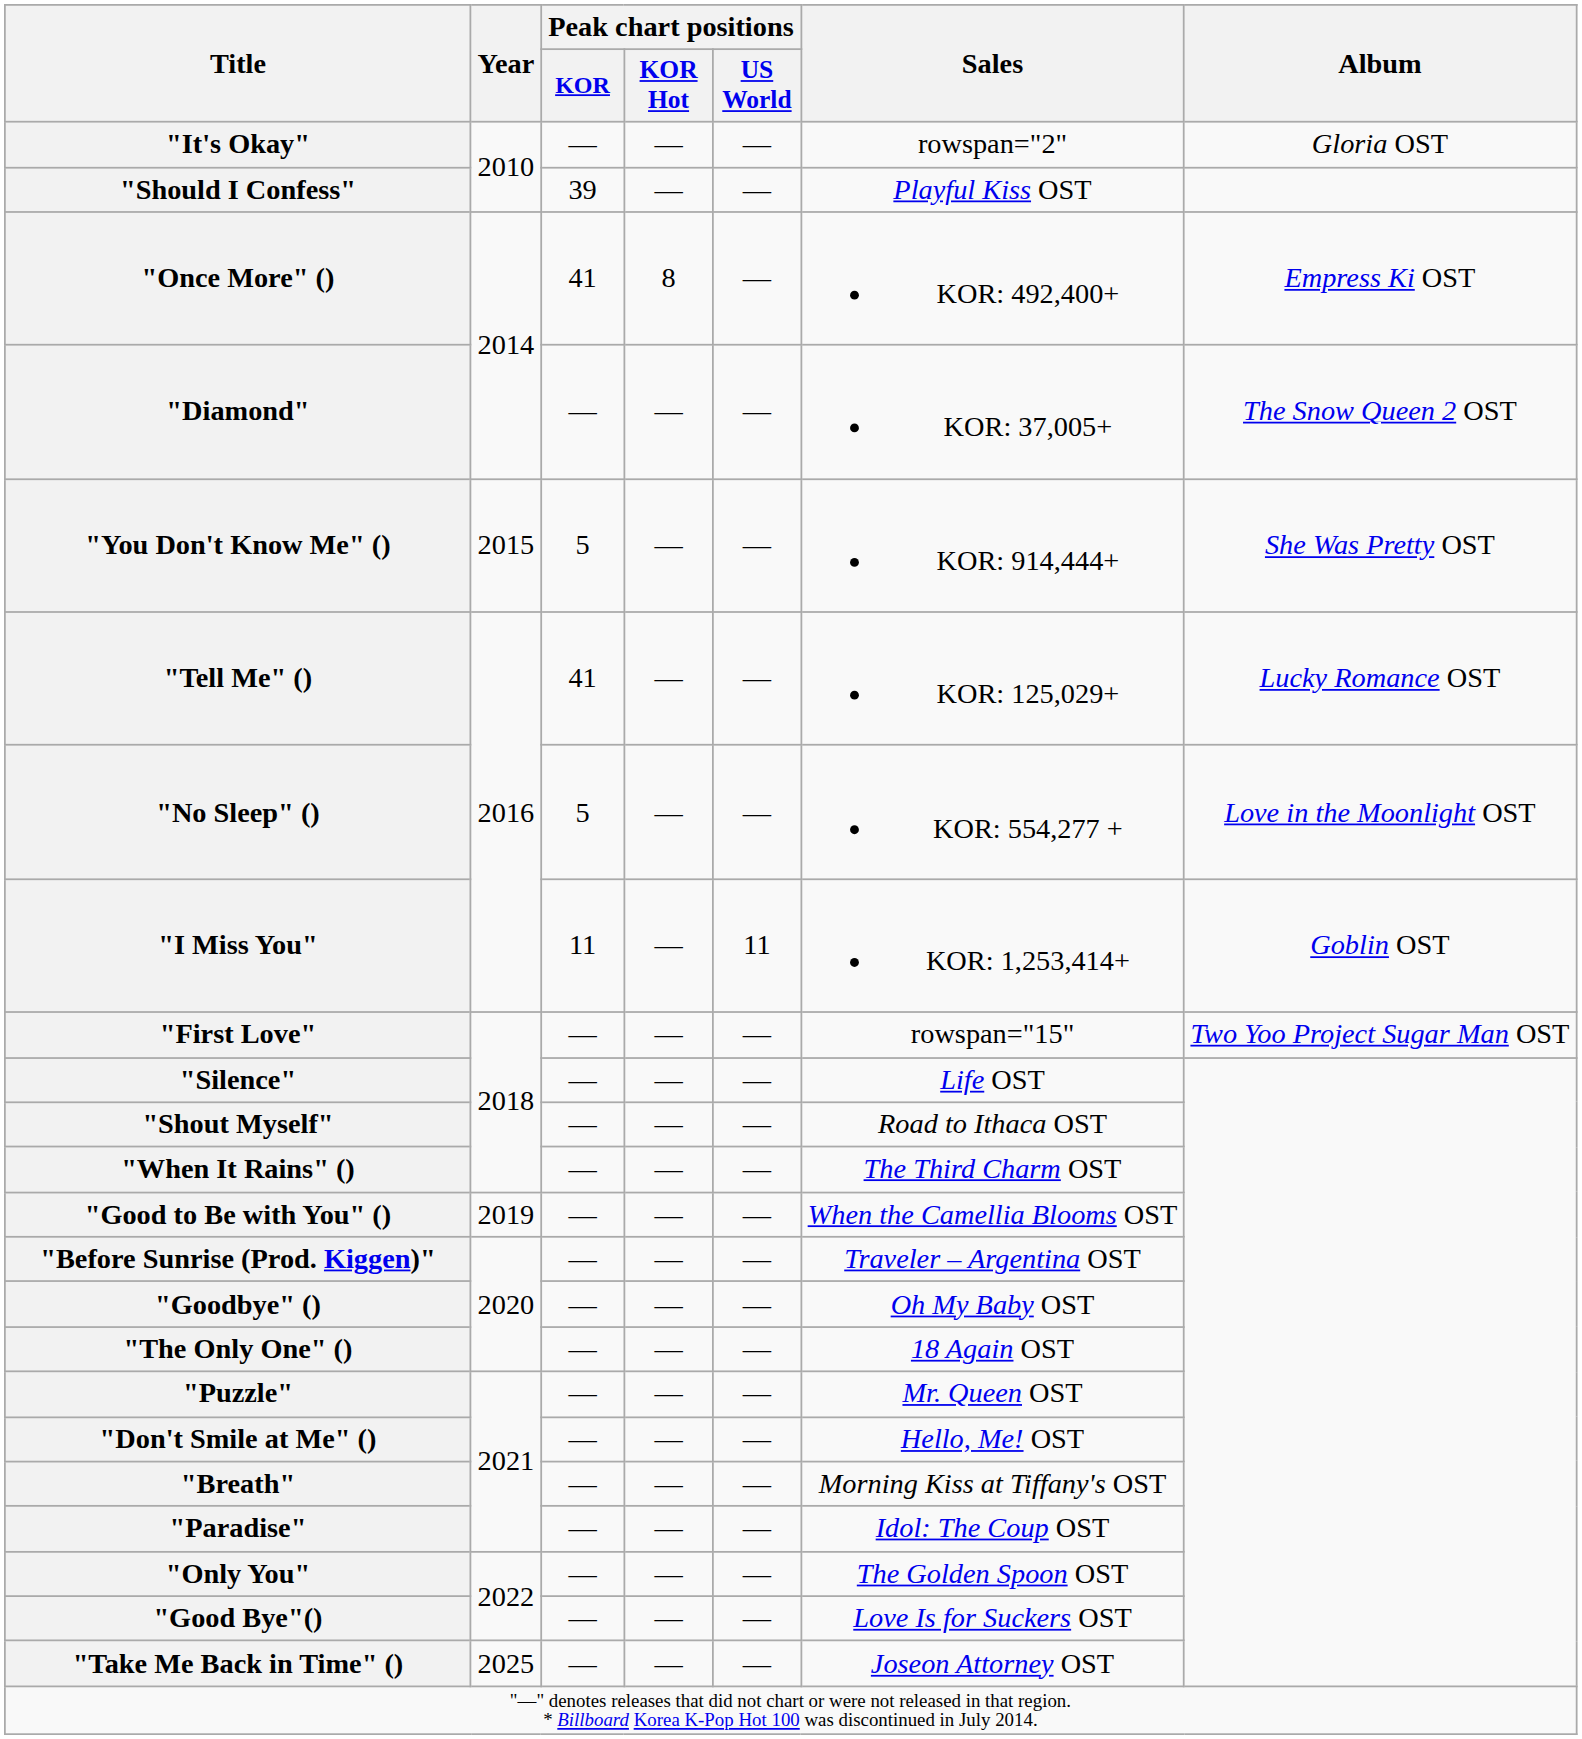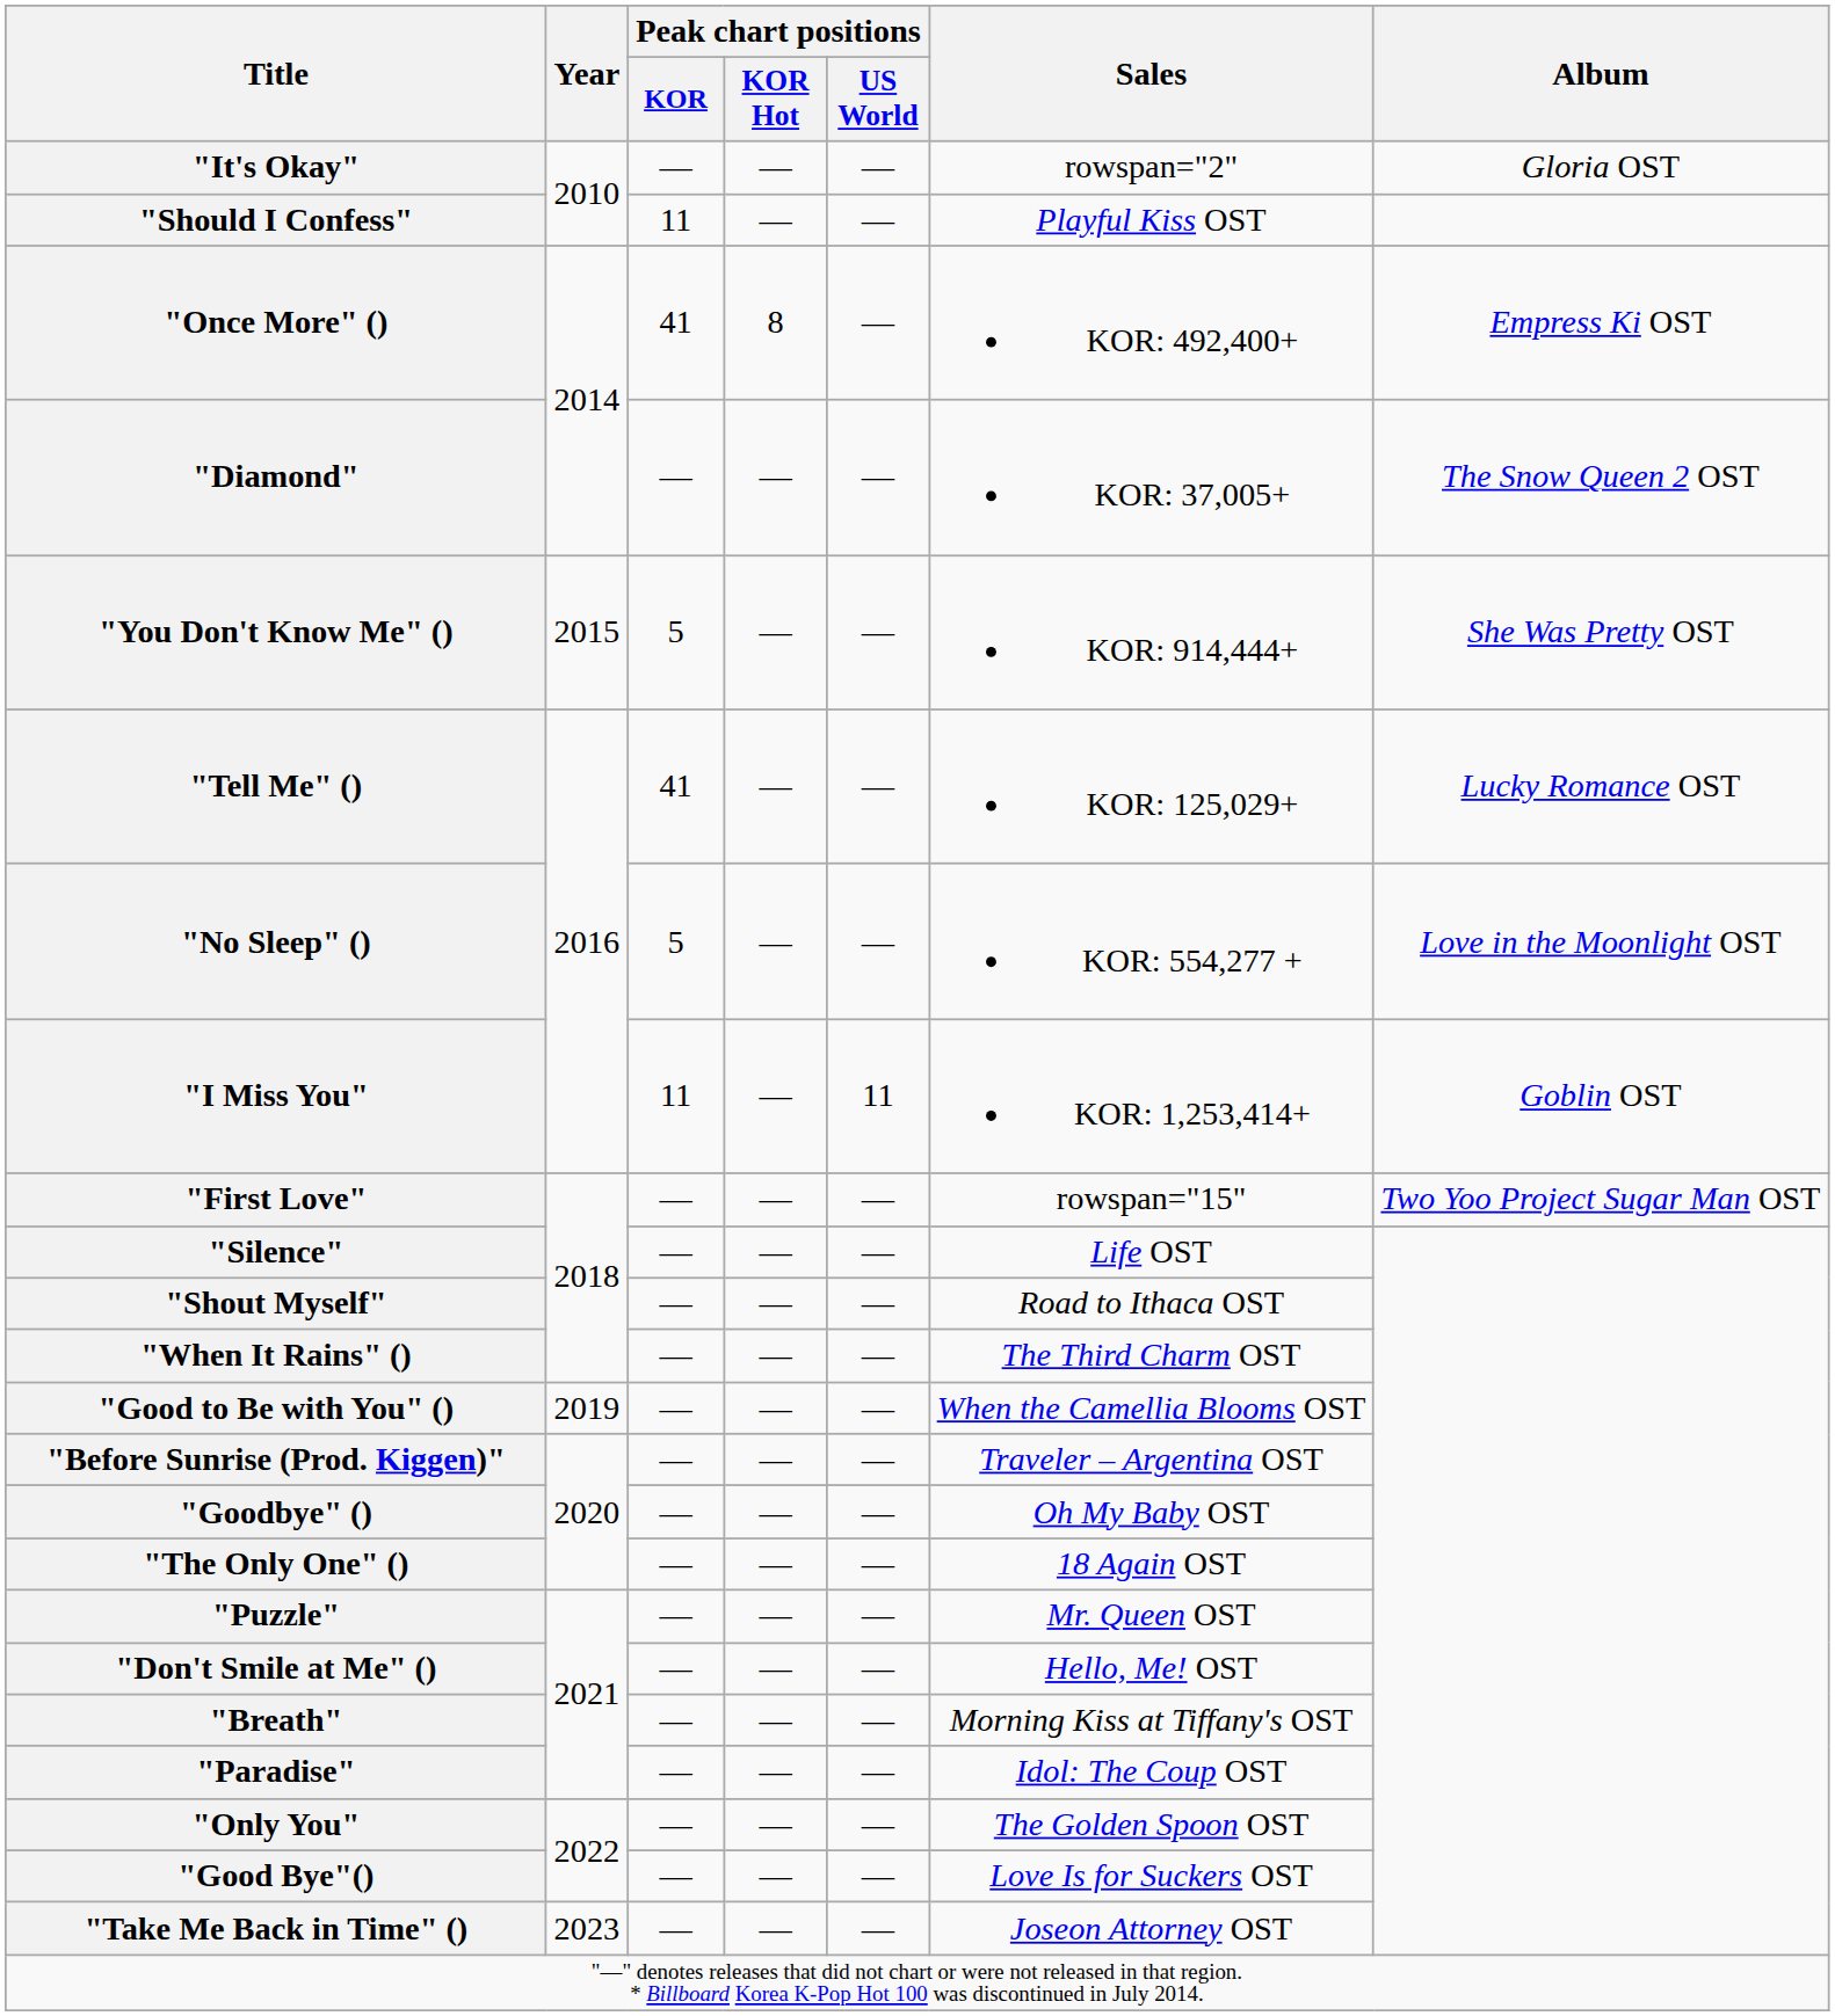 <table class="wikitable plainrowheaders" style="text-align:center">
 <tr>
 <th rowspan="2" style="width:16em">Title</th>
 <th rowspan="2">Year</th>
 <th colspan="3">Peak chart positions</th>
 <th rowspan="2">Sales</th>
 <th rowspan="2">Album</th>
 </tr>
 <tr>
 <th scope="col" style="width:3em;font-size:85%"><a href='#'>KOR</a><br></th>
 <th style="width:3em;font-size:90%"><a href='#'>KOR<br>Hot</a><br></th>
 <th style="width:3em;font-size:90%"><a href='#'>US<br>World</a><br></th>
 </tr>
 <tr>
 <th scope="row">"It's Okay"<br></th>
 <td rowspan="2">2010</td>
 <td>—</td>
 <td>—</td>
 <td>—</td>
 <td>rowspan="2" </td>
 <td><em>Gloria</em> OST</td>
 </tr>
 <tr>
 <th scope="row">"Should I Confess"</th>
-<td>39</td>
+<td>11</td>
 <td>—</td>
 <td>—</td>
 <td><em><a href='#'>Playful Kiss</a></em> OST</td>
 </tr>
 <tr>
 <th scope="row">"Once More" ()</th>
 <td rowspan="2">2014</td>
 <td>41</td>
 <td>8</td>
 <td>—</td>
 <td><br><ul><li>KOR: 492,400+</li></ul></td>
 <td><em><a href='#'>Empress Ki</a></em> OST</td>
 </tr>
 <tr>
 <th scope="row">"Diamond"</th>
 <td>—</td>
 <td>—</td>
 <td>—</td>
 <td><br><ul><li>KOR: 37,005+</li></ul></td>
 <td><em><a href='#'>The Snow Queen 2</a></em> OST</td>
 </tr>
 <tr>
 <th scope="row">"You Don't Know Me" ()<br></th>
 <td>2015</td>
 <td>5</td>
 <td>—</td>
 <td>—</td>
 <td><br><ul><li>KOR: 914,444+</li></ul></td>
 <td><em><a href='#'>She Was Pretty</a></em> OST</td>
 </tr>
 <tr>
 <th scope="row">"Tell Me" ()</th>
 <td rowspan="3">2016</td>
 <td>41</td>
 <td>—</td>
 <td>—</td>
 <td><br><ul><li>KOR: 125,029+</li></ul></td>
 <td><em><a href='#'>Lucky Romance</a></em> OST</td>
 </tr>
 <tr>
 <th scope="row">"No Sleep" ()<br></th>
 <td>5</td>
 <td>—</td>
 <td>—</td>
 <td><br><ul><li>KOR: 554,277 +</li></ul></td>
 <td><em><a href='#'>Love in the Moonlight</a></em> OST</td>
 </tr>
 <tr>
 <th scope="row">"I Miss You"</th>
 <td>11</td>
 <td>—</td>
 <td>11</td>
 <td><br><ul><li>KOR: 1,253,414+</li></ul></td>
 <td><em><a href='#'>Goblin</a></em> OST</td>
 </tr>
 <tr>
 <th scope="row">"First Love"<br></th>
 <td rowspan="4">2018</td>
 <td>—</td>
 <td>—</td>
 <td>—</td>
 <td>rowspan="15" </td>
 <td><em><a href='#'>Two Yoo Project Sugar Man</a></em> OST</td>
 </tr>
 <tr>
 <th scope="row">"Silence"</th>
 <td>—</td>
 <td>—</td>
 <td>—</td>
 <td><em><a href='#'>Life</a></em> OST </td>
 </tr>
 <tr>
 <th scope="row">"Shout Myself"<br></th>
 <td>—</td>
 <td>—</td>
 <td>—</td>
 <td><em>Road to Ithaca</em> OST</td>
 </tr>
 <tr>
 <th scope="row">"When It Rains" ()<br></th>
 <td>—</td>
 <td>—</td>
 <td>—</td>
 <td><em><a href='#'>The Third Charm</a></em> OST</td>
 </tr>
 <tr>
 <th scope="row">"Good to Be with You" ()</th>
 <td>2019</td>
 <td>—</td>
 <td>—</td>
 <td>—</td>
 <td><em><a href='#'>When the Camellia Blooms</a></em> OST</td>
 </tr>
 <tr>
 <th scope="row">"Before Sunrise (Prod. <a href='#'>Kiggen</a>)"</th>
 <td rowspan="3">2020</td>
 <td>—</td>
 <td>—</td>
 <td>—</td>
 <td><em><a href='#'>Traveler – Argentina</a></em> OST</td>
 </tr>
 <tr>
 <th scope="row">"Goodbye" ()</th>
 <td>—</td>
 <td>—</td>
 <td>—</td>
 <td><em><a href='#'>Oh My Baby</a></em> OST</td>
 </tr>
 <tr>
 <th scope="row">"The Only One" ()</th>
 <td>—</td>
 <td>—</td>
 <td>—</td>
 <td><em><a href='#'>18 Again</a></em> OST</td>
 </tr>
 <tr>
 <th scope="row">"Puzzle"<br></th>
 <td rowspan="4">2021</td>
 <td>—</td>
 <td>—</td>
 <td>—</td>
 <td><em><a href='#'>Mr. Queen</a></em> OST</td>
 </tr>
 <tr>
 <th scope="row">"Don't Smile at Me" ()</th>
 <td>—</td>
 <td>—</td>
 <td>—</td>
 <td><em><a href='#'>Hello, Me!</a></em> OST</td>
 </tr>
 <tr>
 <th scope="row">"Breath"</th>
 <td>—</td>
 <td>—</td>
 <td>—</td>
 <td><em>Morning Kiss at Tiffany's</em> OST</td>
 </tr>
 <tr>
 <th scope="row">"Paradise"</th>
 <td>—</td>
 <td>—</td>
 <td>—</td>
 <td><em><a href='#'>Idol: The Coup</a></em> OST</td>
 </tr>
 <tr>
 <th scope="row">"Only You"</th>
 <td rowspan="2">2022</td>
 <td>—</td>
 <td>—</td>
 <td>—</td>
 <td><em><a href='#'>The Golden Spoon</a></em> OST</td>
 </tr>
 <tr>
 <th scope="row">"Good Bye"()</th>
 <td>—</td>
 <td>—</td>
 <td>—</td>
 <td><em><a href='#'>Love Is for Suckers</a></em> OST</td>
 </tr>
 <tr>
 <th scope="row">"Take Me Back in Time" ()</th>
-<td>2025</td>
+<td>2023</td>
 <td>—</td>
 <td>—</td>
 <td>—</td>
 <td><em><a href='#'>Joseon Attorney</a></em> OST</td>
 </tr>
 <tr>
 <td colspan="8" style="font-size:8pt">"—" denotes releases that did not chart or were not released in that region.<br>* <em><a href='#'>Billboard</a></em> <a href='#'>Korea K-Pop Hot 100</a> was discontinued in July 2014.</td>
 </tr>
 </table>
